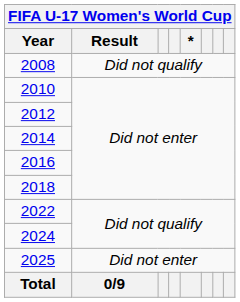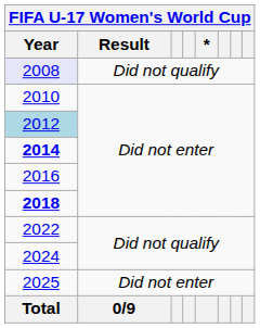 <table class="wikitable" style="text-align: center;">
 <tr>
 <th colspan=9><a href='#'>FIFA U-17 Women's World Cup</a></th>
 </tr>
 <tr>
 <th>Year</th>
 <th>Result</th>
 <th></th>
 <th></th>
 <th> *</th>
 <th></th>
 <th></th>
 <th></th>
 </tr>
 <tr>
-<td> <a href='#'>2008</a></td>
+<td style="background: lavender;"> <a href='#'>2008</a></td>
 <td colspan=8><em>Did not qualify</em></td>
 </tr>
 <tr>
 <td> <a href='#'>2010</a></td>
 <td rowspan=5 colspan=8><em>Did not enter</em></td>
 </tr>
 <tr>
-<td> <a href='#'>2012</a></td>
+<td style="background: lightblue;"> <a href='#'>2012</a></td>
 </tr>
 <tr>
-<td> <a href='#'>2014</a></td>
+<td><strong> <a href='#'>2014</a></strong></td>
 </tr>
 <tr>
 <td> <a href='#'>2016</a></td>
 </tr>
 <tr>
-<td> <a href='#'>2018</a></td>
+<td><strong> <a href='#'>2018</a></strong></td>
 </tr>
 <tr>
 <td> <a href='#'>2022</a></td>
 <td rowspan=2 colspan=8><em>Did not qualify</em></td>
 </tr>
 <tr>
 <td> <a href='#'>2024</a></td>
 </tr>
 <tr>
 <td> <a href='#'>2025</a></td>
 <td colspan=8><em>Did not enter</em></td>
 </tr>
 <tr>
 <th>Total</th>
 <th>0/9</th>
 <th></th>
 <th></th>
 <th></th>
 <th></th>
 <th></th>
 <th></th>
 </tr>
 </table>
